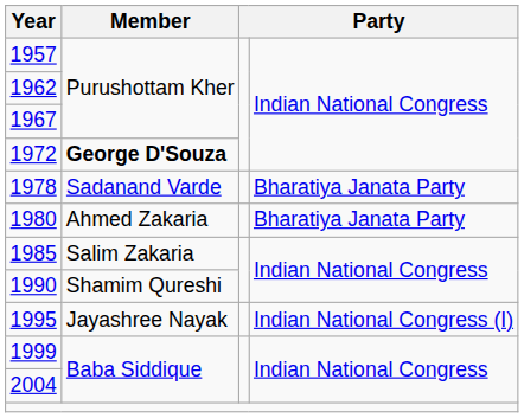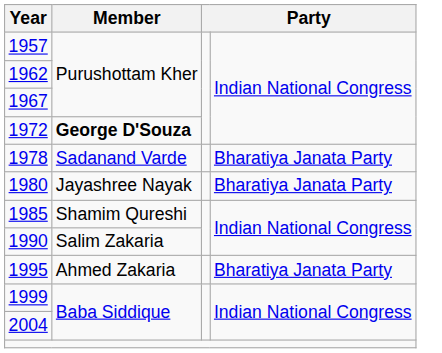 <table class=wikitable>
 <tr>
 <th>Year</th>
 <th>Member</th>
 <th colspan="2">Party</th>
 </tr>
 <tr>
 <td><a href='#'>1957</a></td>
 <td rowspan="3">Purushottam Kher</td>
 <td rowspan="4" style="background-color:"></td>
 <td rowspan="4"><a href='#'>Indian National Congress</a></td>
 </tr>
 <tr>
 <td><a href='#'>1962</a></td>
 </tr>
 <tr>
 <td><a href='#'>1967</a></td>
 </tr>
 <tr>
 <td><a href='#'>1972</a></td>
 <td><strong>George D'Souza</strong></td>
 </tr>
 <tr>
 <td><a href='#'>1978</a></td>
 <td><a href='#'>Sadanand Varde</a></td>
 <td style="background-color:"></td>
 <td><a href='#'>Bharatiya Janata Party</a></td>
 </tr>
 <tr>
 <td><a href='#'>1980</a></td>
-<td>Ahmed Zakaria</td>
+<td>Jayashree Nayak</td>
 <td style="background-color:"></td>
 <td><a href='#'>Bharatiya Janata Party</a></td>
 </tr>
 <tr>
 <td><a href='#'>1985</a></td>
-<td>Salim Zakaria</td>
+<td>Shamim Qureshi</td>
 <td rowspan="2" style="background-color:"></td>
 <td rowspan="2"><a href='#'>Indian National Congress</a></td>
 </tr>
 <tr>
 <td><a href='#'>1990</a></td>
-<td>Shamim Qureshi</td>
+<td>Salim Zakaria</td>
 </tr>
 <tr>
 <td><a href='#'>1995</a></td>
-<td>Jayashree Nayak</td>
+<td>Ahmed Zakaria</td>
 <td style="background-color:"></td>
-<td><a href='#'>Indian National Congress (I)</a></td>
+<td><a href='#'>Bharatiya Janata Party</a></td>
 </tr>
 <tr>
 <td><a href='#'>1999</a></td>
 <td rowspan="2"><a href='#'>Baba Siddique</a></td>
 <td rowspan="2" style="background-color:"></td>
 <td rowspan="2"><a href='#'>Indian National Congress</a></td>
 </tr>
 <tr>
 <td><a href='#'>2004</a></td>
 </tr>
 <tr>
 <td colspan="4"></td>
 </tr>
 </table>
